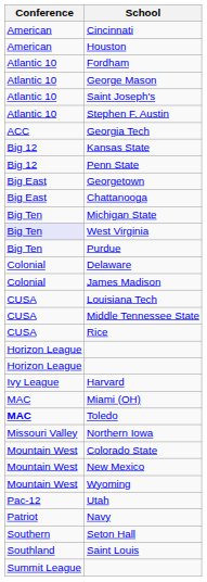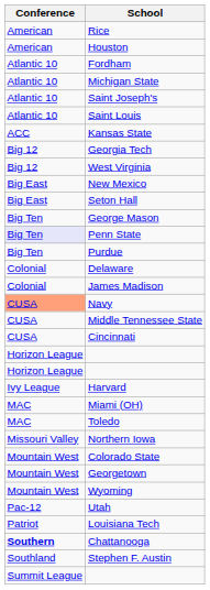 <table class="wikitable sortable">
 <tr>
 <th>Conference</th>
 <th>School</th>
 </tr>
 <tr>
 <td><a href='#'>American</a></td>
-<td><a href='#'>Cincinnati</a></td>
+<td><a href='#'>Rice</a></td>
 </tr>
 <tr>
 <td><a href='#'>American</a></td>
 <td><a href='#'>Houston</a></td>
 </tr>
 <tr>
 <td><a href='#'>Atlantic 10</a></td>
 <td><a href='#'>Fordham</a></td>
 </tr>
 <tr>
 <td><a href='#'>Atlantic 10</a></td>
-<td><a href='#'>George Mason</a></td>
+<td><a href='#'>Michigan State</a></td>
 </tr>
 <tr>
 <td><a href='#'>Atlantic 10</a></td>
 <td><a href='#'>Saint Joseph's</a></td>
 </tr>
 <tr>
 <td><a href='#'>Atlantic 10</a></td>
-<td><a href='#'>Stephen F. Austin</a></td>
+<td><a href='#'>Saint Louis</a></td>
 </tr>
 <tr>
 <td><a href='#'>ACC</a></td>
+<td><a href='#'>Kansas State</a></td>
+</tr>
+<tr>
+<td><a href='#'>Big 12</a></td>
 <td><a href='#'>Georgia Tech</a></td>
 </tr>
 <tr>
 <td><a href='#'>Big 12</a></td>
-<td><a href='#'>Kansas State</a></td>
-</tr>
-<tr>
-<td><a href='#'>Big 12</a></td>
-<td><a href='#'>Penn State</a></td>
+<td><a href='#'>West Virginia</a></td>
 </tr>
 <tr>
 <td><a href='#'>Big East</a></td>
-<td><a href='#'>Georgetown</a></td>
+<td><a href='#'>New Mexico</a></td>
 </tr>
 <tr>
 <td><a href='#'>Big East</a></td>
-<td><a href='#'>Chattanooga</a></td>
+<td><a href='#'>Seton Hall</a></td>
 </tr>
 <tr>
 <td><a href='#'>Big Ten</a></td>
-<td><a href='#'>Michigan State</a></td>
+<td><a href='#'>George Mason</a></td>
 </tr>
 <tr>
 <td style="background: lavender;"><a href='#'>Big Ten</a></td>
-<td><a href='#'>West Virginia</a></td>
+<td><a href='#'>Penn State</a></td>
 </tr>
 <tr>
 <td><a href='#'>Big Ten</a></td>
 <td><a href='#'>Purdue</a></td>
 </tr>
 <tr>
 <td><a href='#'>Colonial</a></td>
 <td><a href='#'>Delaware</a></td>
 </tr>
 <tr>
 <td><a href='#'>Colonial</a></td>
 <td><a href='#'>James Madison</a></td>
 </tr>
 <tr>
-<td><a href='#'>CUSA</a></td>
-<td><a href='#'>Louisiana Tech</a></td>
+<td style="background: lightsalmon;"><a href='#'>CUSA</a></td>
+<td><a href='#'>Navy</a></td>
 </tr>
 <tr>
 <td><a href='#'>CUSA</a></td>
 <td><a href='#'>Middle Tennessee State</a></td>
 </tr>
 <tr>
 <td><a href='#'>CUSA</a></td>
-<td><a href='#'>Rice</a></td>
+<td><a href='#'>Cincinnati</a></td>
 </tr>
 <tr>
 <td><a href='#'>Horizon League</a></td>
 <td></td>
 </tr>
 <tr>
 <td><a href='#'>Horizon League</a></td>
 <td></td>
 </tr>
 <tr>
 <td><a href='#'>Ivy League</a></td>
 <td><a href='#'>Harvard</a></td>
 </tr>
 <tr>
 <td><a href='#'>MAC</a></td>
 <td><a href='#'>Miami (OH)</a></td>
 </tr>
 <tr>
-<td><strong><a href='#'>MAC</a></strong></td>
+<td><a href='#'>MAC</a></td>
 <td><a href='#'>Toledo</a></td>
 </tr>
 <tr>
 <td><a href='#'>Missouri Valley</a></td>
 <td><a href='#'>Northern Iowa</a></td>
 </tr>
 <tr>
 <td><a href='#'>Mountain West</a></td>
 <td><a href='#'>Colorado State</a></td>
 </tr>
 <tr>
 <td><a href='#'>Mountain West</a></td>
-<td><a href='#'>New Mexico</a></td>
+<td><a href='#'>Georgetown</a></td>
 </tr>
 <tr>
 <td><a href='#'>Mountain West</a></td>
 <td><a href='#'>Wyoming</a></td>
 </tr>
 <tr>
 <td><a href='#'>Pac-12</a></td>
 <td><a href='#'>Utah</a></td>
 </tr>
 <tr>
 <td><a href='#'>Patriot</a></td>
-<td><a href='#'>Navy</a></td>
+<td><a href='#'>Louisiana Tech</a></td>
 </tr>
 <tr>
-<td><a href='#'>Southern</a></td>
-<td><a href='#'>Seton Hall</a></td>
+<td><strong><a href='#'>Southern</a></strong></td>
+<td><a href='#'>Chattanooga</a></td>
 </tr>
 <tr>
 <td><a href='#'>Southland</a></td>
-<td><a href='#'>Saint Louis</a></td>
+<td><a href='#'>Stephen F. Austin</a></td>
 </tr>
 <tr>
 <td><a href='#'>Summit League</a></td>
 <td></td>
 </tr>
 </table>
